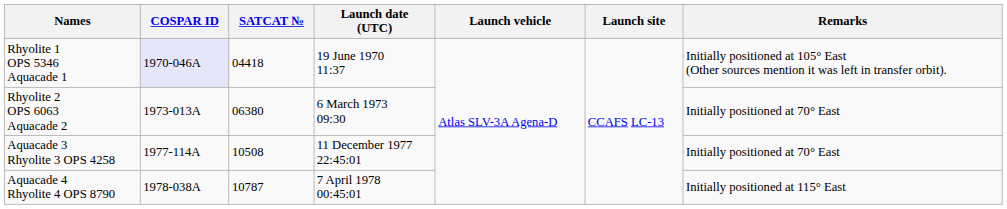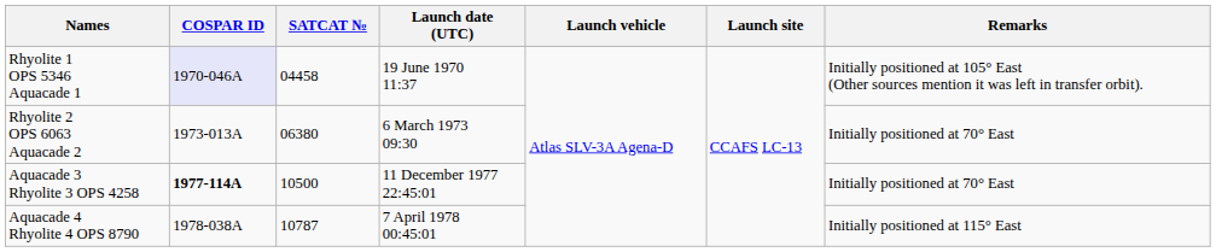 <table class="wikitable" style="width:100%;">
 <tr>
 <th>Names</th>
 <th><a href='#'>COSPAR ID</a></th>
 <th><a href='#'>SATCAT №</a></th>
 <th>Launch date<br>(UTC)</th>
 <th>Launch vehicle</th>
 <th>Launch site</th>
 <th>Remarks</th>
 </tr>
 <tr>
 <td>Rhyolite 1<br>OPS 5346<br>Aquacade 1</td>
 <td style="background: lavender;">1970-046A</td>
-<td>04418</td>
+<td>04458</td>
 <td>19 June 1970<br>11:37</td>
 <td rowspan="4"><a href='#'>Atlas SLV-3A Agena-D</a></td>
 <td rowspan="4"><a href='#'>CCAFS</a> <a href='#'>LC-13</a></td>
 <td>Initially positioned at 105° East<br>(Other sources mention it was left in transfer orbit).</td>
 </tr>
 <tr>
 <td>Rhyolite 2<br>OPS 6063<br>Aquacade 2</td>
 <td>1973-013A</td>
 <td>06380</td>
 <td>6 March 1973<br>09:30</td>
 <td>Initially positioned at 70° East</td>
 </tr>
 <tr>
 <td>Aquacade 3<br>Rhyolite 3 OPS 4258</td>
-<td>1977-114A</td>
-<td>10508</td>
+<td><strong>1977-114A</strong></td>
+<td>10500</td>
 <td>11 December 1977<br>22:45:01</td>
 <td>Initially positioned at 70° East</td>
 </tr>
 <tr>
 <td>Aquacade 4<br>Rhyolite 4 OPS 8790</td>
 <td>1978-038A</td>
 <td>10787</td>
 <td>7 April 1978<br>00:45:01</td>
 <td>Initially positioned at 115° East</td>
 </tr>
 </table>
